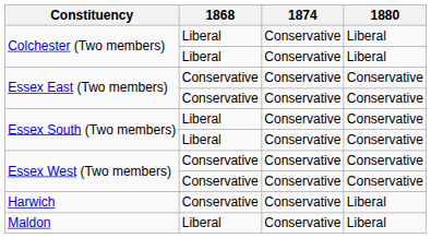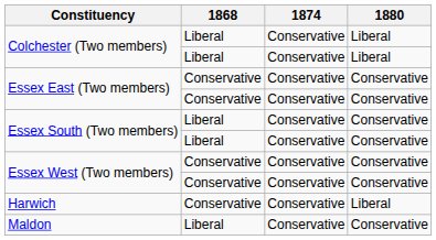 <table class="wikitable">
 <tr>
 <th>Constituency</th>
 <th>1868</th>
 <th>1874</th>
 <th>1880</th>
 </tr>
 <tr>
 <td rowspan="2"><a href='#'>Colchester</a> (Two members)</td>
 <td>Liberal</td>
 <td>Conservative</td>
 <td>Liberal</td>
 </tr>
 <tr>
 <td>Liberal</td>
 <td>Conservative</td>
 <td>Liberal</td>
 </tr>
 <tr>
 <td rowspan="2"><a href='#'>Essex East</a> (Two members)</td>
 <td>Conservative</td>
 <td>Conservative</td>
 <td>Conservative</td>
 </tr>
 <tr>
 <td>Conservative</td>
 <td>Conservative</td>
 <td>Conservative</td>
 </tr>
 <tr>
 <td rowspan="2"><a href='#'>Essex South</a> (Two members)</td>
 <td>Liberal</td>
 <td>Conservative</td>
 <td>Conservative</td>
 </tr>
 <tr>
 <td>Liberal</td>
 <td>Conservative</td>
 <td>Conservative</td>
 </tr>
 <tr>
 <td rowspan="2"><a href='#'>Essex West</a> (Two members)</td>
 <td>Conservative</td>
 <td>Conservative</td>
 <td>Conservative</td>
 </tr>
 <tr>
 <td>Conservative</td>
 <td>Conservative</td>
 <td>Conservative</td>
 </tr>
 <tr>
 <td><a href='#'>Harwich</a></td>
 <td>Conservative</td>
 <td>Conservative</td>
 <td>Liberal</td>
 </tr>
 <tr>
 <td><a href='#'>Maldon</a></td>
 <td>Liberal</td>
 <td>Conservative</td>
-<td>Liberal</td>
+<td>Conservative</td>
 </tr>
 </table>
